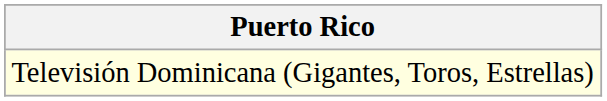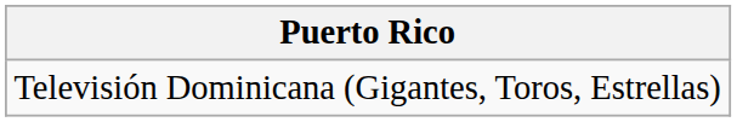 <table class="wikitable" style="text-align:left;">
 <tr>
 <th>Puerto Rico</th>
 </tr>
 <tr>
-<td style="background: lightyellow;">Televisión Dominicana (Gigantes, Toros, Estrellas)</td>
+<td>Televisión Dominicana (Gigantes, Toros, Estrellas)</td>
 </tr>
 </table>
